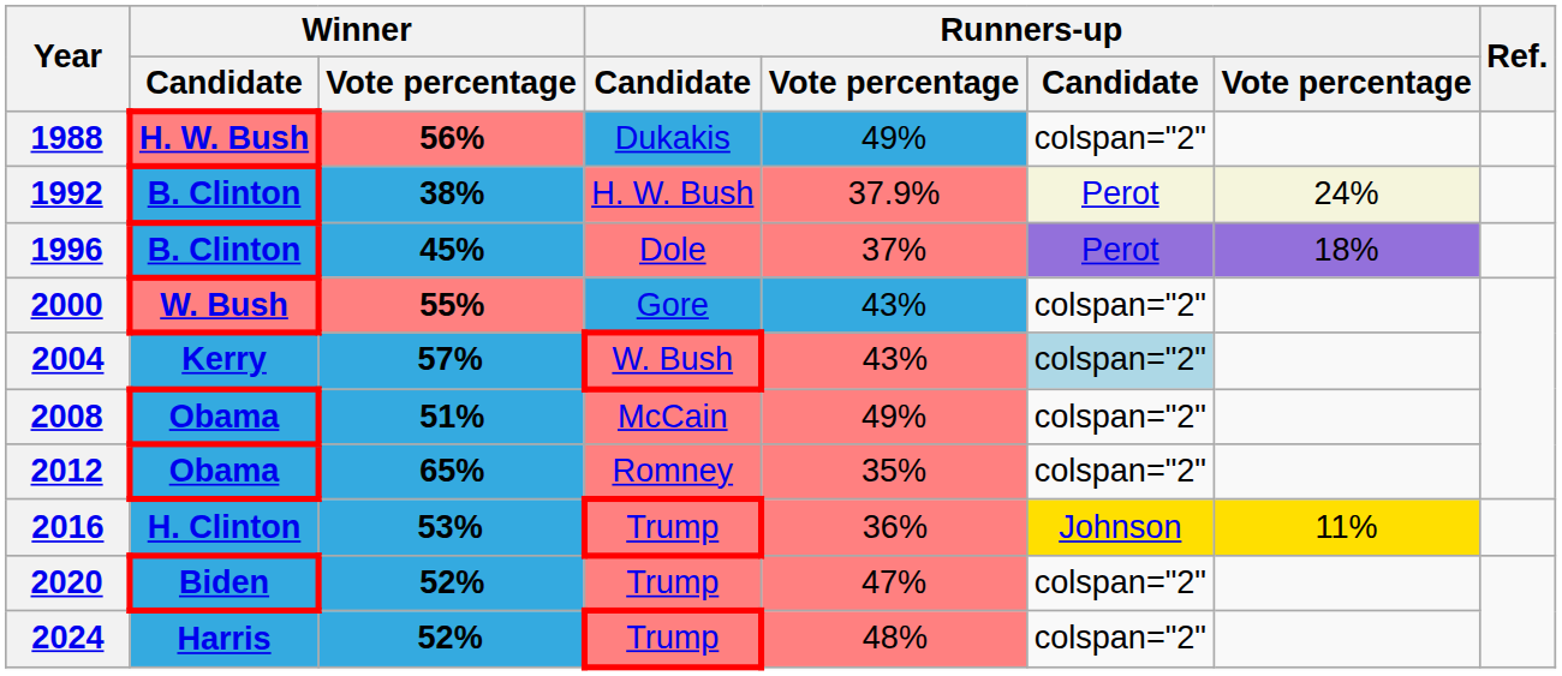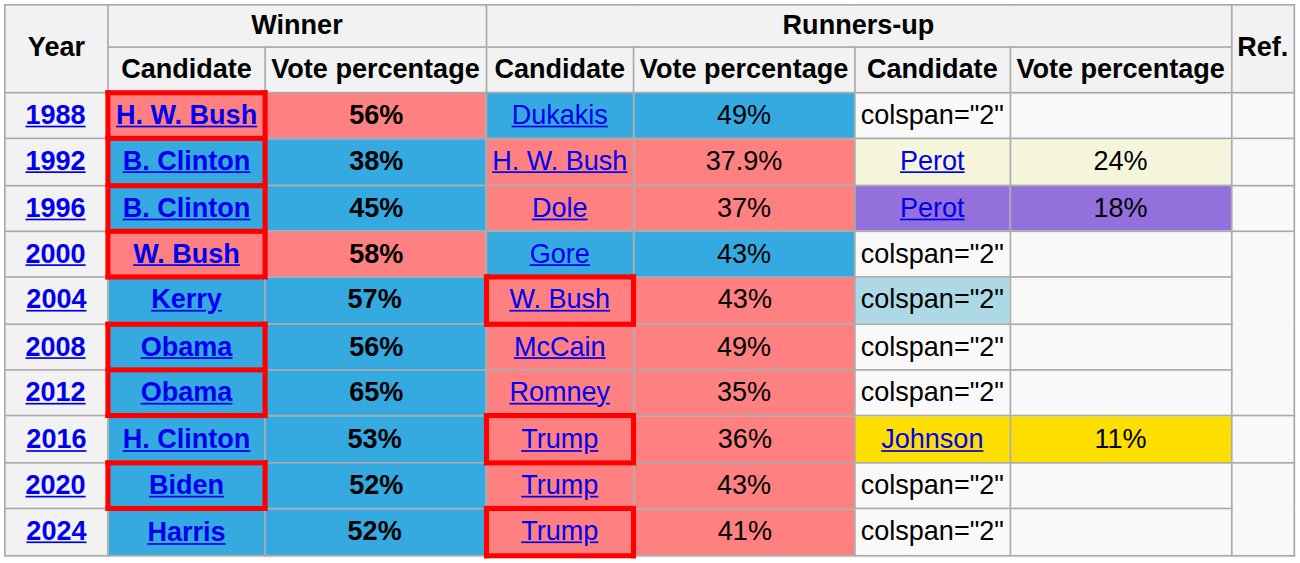 <table class="wikitable" style="text-align:center">
 <tr>
 <th rowspan="2">Year</th>
 <th colspan="2">Winner</th>
 <th colspan="4">Runners-up</th>
 <th rowspan="2">Ref.</th>
 </tr>
 <tr>
 <th>Candidate</th>
 <th>Vote percentage</th>
 <th>Candidate</th>
 <th>Vote percentage</th>
 <th>Candidate</th>
 <th>Vote percentage</th>
 </tr>
 <tr>
 <th style="text-align:center; width:8%;"><a href='#'>1988</a></th>
 <td style="background:#FF8080; border:3px solid red"><strong><a href='#'>H. W. Bush</a></strong></td>
 <td style="background:#FF8080;"><strong>56%</strong></td>
 <td style="background:#34AAE0;"><a href='#'>Dukakis</a></td>
 <td style="background:#34AAE0;">49%</td>
 <td>colspan="2" </td>
 <td></td>
 </tr>
 <tr>
 <th style="text-align:center; width:8%;"><a href='#'>1992</a></th>
 <td style="background:#34AAE0; border:3px solid red"><strong><a href='#'>B. Clinton</a></strong></td>
 <td style="background:#34AAE0;"><strong>38%</strong></td>
 <td style="background:#FF8080;"><a href='#'>H. W. Bush</a></td>
 <td style="background:#FF8080;">37.9%</td>
 <td style="background:#F5F5DC;"><a href='#'>Perot</a></td>
 <td style="background:#F5F5DC;">24%</td>
 <td></td>
 </tr>
 <tr>
 <th style="text-align:center; width:8%;"><a href='#'>1996</a></th>
 <td style="background:#34AAE0; border:3px solid red"><strong><a href='#'>B. Clinton</a></strong></td>
 <td style="background:#34AAE0;"><strong>45%</strong></td>
 <td style="background:#FF8080;"><a href='#'>Dole</a></td>
 <td style="background:#FF8080;">37%</td>
 <td style="background:#9370DB;"><a href='#'>Perot</a></td>
 <td style="background:#9370DB;">18%</td>
 <td></td>
 </tr>
 <tr>
 <th style="text-align:center; width:8%;"><a href='#'>2000</a></th>
 <td style="background:#FF8080; border:3px solid red"><strong><a href='#'>W. Bush</a></strong></td>
-<td style="background:#FF8080;"><strong>55%</strong></td>
+<td style="background:#FF8080;"><strong>58%</strong></td>
 <td style="background:#34AAE0;"><a href='#'>Gore</a></td>
 <td style="background:#34AAE0;">43%</td>
 <td>colspan="2" </td>
 <td></td>
 </tr>
 <tr>
 <th style="text-align:center; width:8%;"><a href='#'>2004</a></th>
 <td style="background:#34AAE0;"><strong><a href='#'>Kerry</a></strong></td>
 <td style="background:#34AAE0;"><strong>57%</strong></td>
 <td style="background:#FF8080; border:3px solid red"><a href='#'>W. Bush</a></td>
 <td style="background:#FF8080;">43%</td>
 <td style="background: lightblue;">colspan="2" </td>
 <td></td>
 </tr>
 <tr>
 <th style="text-align:center; width:8%;"><a href='#'>2008</a></th>
 <td style="background:#34AAE0; border:3px solid red"><strong><a href='#'>Obama</a></strong></td>
-<td style="background:#34AAE0;"><strong>51%</strong></td>
+<td style="background:#34AAE0;"><strong>56%</strong></td>
 <td style="background:#FF8080;"><a href='#'>McCain</a></td>
 <td style="background:#FF8080;">49%</td>
 <td>colspan="2" </td>
 <td></td>
 </tr>
 <tr>
 <th style="text-align:center; width:8%;"><a href='#'>2012</a></th>
 <td style="background:#34AAE0; border:3px solid red"><strong><a href='#'>Obama</a></strong></td>
 <td style="background:#34AAE0;"><strong>65%</strong></td>
 <td style="background:#FF8080;"><a href='#'>Romney</a></td>
 <td style="background:#FF8080;">35%</td>
 <td>colspan="2" </td>
 <td></td>
 </tr>
 <tr>
 <th style="text-align:center; width:8%;"><a href='#'>2016</a></th>
 <td style="background:#34AAE0;"><strong><a href='#'>H. Clinton</a></strong></td>
 <td style="background:#34AAE0;"><strong>53%</strong></td>
 <td style="background:#FF8080; border:3px solid red"><a href='#'>Trump</a></td>
 <td style="background:#FF8080;">36%</td>
 <td style="background:#FFDF00;"><a href='#'>Johnson</a></td>
 <td style="background:#FFDF00;">11%</td>
 <td></td>
 </tr>
 <tr>
 <th style="text-align:center; width:8%;"><a href='#'>2020</a></th>
 <td style="background:#34AAE0; border:3px solid red"><strong><a href='#'>Biden</a></strong></td>
 <td style="background:#34AAE0;"><strong>52%</strong></td>
 <td style="background:#FF8080;"><a href='#'>Trump</a></td>
-<td style="background:#FF8080;">47%</td>
+<td style="background:#FF8080;">43%</td>
 <td>colspan="2" </td>
 <td></td>
 </tr>
 <tr>
 <th style="text-align:center; width:8%;"><a href='#'>2024</a></th>
 <td style="background:#34AAE0;"><strong><a href='#'>Harris</a></strong></td>
 <td style="background:#34AAE0;"><strong>52%</strong></td>
 <td style="background:#FF8080; border:3px solid red"><a href='#'>Trump</a></td>
-<td style="background:#FF8080;">48%</td>
+<td style="background:#FF8080;">41%</td>
 <td>colspan="2" </td>
 <td></td>
 </tr>
 </table>
